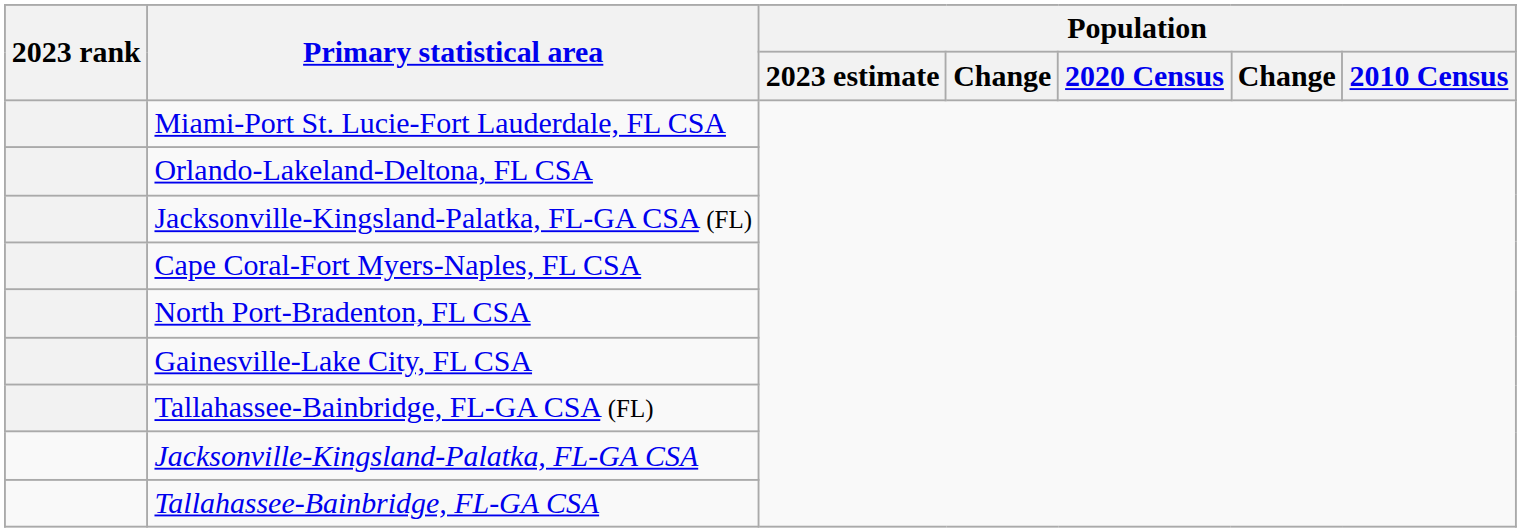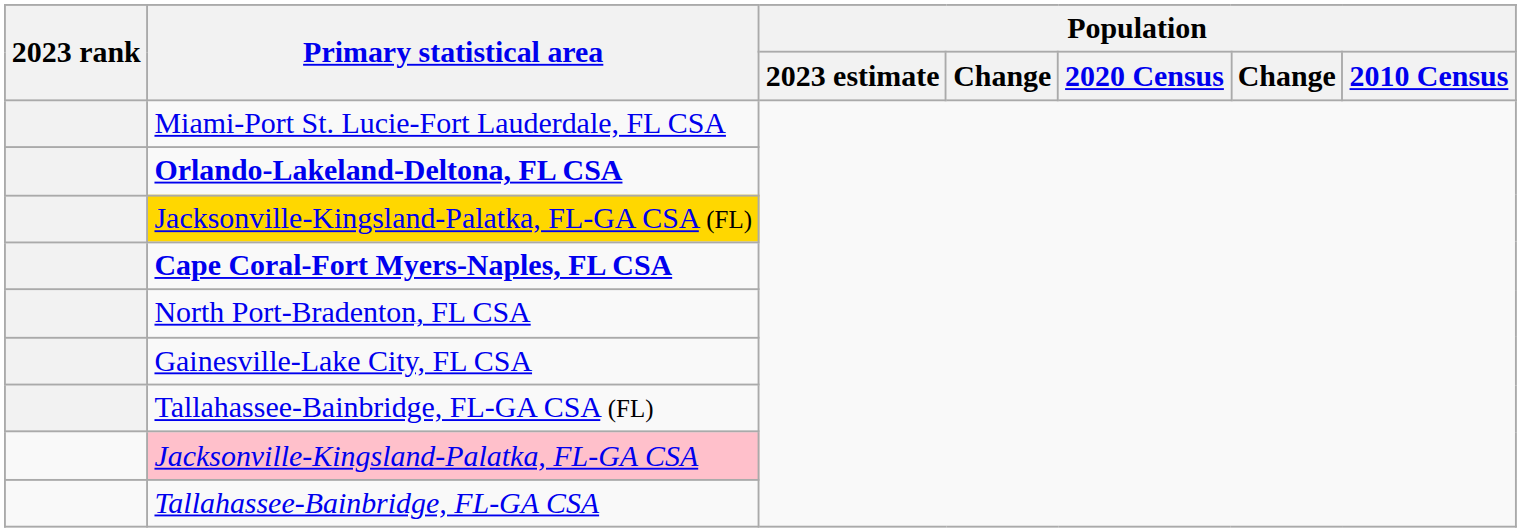 <table class="wikitable sortable">
 <tr>
 <th scope=col rowspan=2>2023 rank</th>
 <th scope=col rowspan=2><a href='#'>Primary statistical area</a></th>
 <th colspan=5>Population</th>
 </tr>
 <tr>
 <th scope=col>2023 estimate</th>
 <th scope=col>Change</th>
 <th scope=col><a href='#'>2020 Census</a></th>
 <th scope=col>Change</th>
 <th scope=col><a href='#'>2010 Census</a></th>
 </tr>
 <tr>
 <th scope=row></th>
 <td><a href='#'>Miami-Port St. Lucie-Fort Lauderdale, FL CSA</a><br></td>
 </tr>
 <tr>
 <th scope=row></th>
-<td><a href='#'>Orlando-Lakeland-Deltona, FL CSA</a><br></td>
+<td><strong><a href='#'>Orlando-Lakeland-Deltona, FL CSA</a><br></strong></td>
 </tr>
 <tr>
 <th scope=row></th>
-<td><a href='#'>Jacksonville-Kingsland-Palatka, FL-GA CSA</a> <small>(FL)</small><br></td>
+<td style="background: gold;"><a href='#'>Jacksonville-Kingsland-Palatka, FL-GA CSA</a> <small>(FL)</small><br></td>
 </tr>
 <tr>
 <th scope=row></th>
-<td><a href='#'>Cape Coral-Fort Myers-Naples, FL CSA</a><br></td>
+<td><strong><a href='#'>Cape Coral-Fort Myers-Naples, FL CSA</a><br></strong></td>
 </tr>
 <tr>
 <th scope=row></th>
 <td><a href='#'>North Port-Bradenton, FL CSA</a><br></td>
 </tr>
 <tr>
 <th scope=row></th>
 <td><a href='#'>Gainesville-Lake City, FL CSA</a><br></td>
 </tr>
 <tr>
 <th scope=row></th>
 <td><a href='#'>Tallahassee-Bainbridge, FL-GA CSA</a> <small>(FL)</small><br></td>
 </tr>
 <tr>
 <td></td>
-<td><em><a href='#'><span>Jacksonville-Kingsland-Palatka, FL-GA CSA</span></a></em><br></td>
+<td style="background: pink;"><em><a href='#'><span>Jacksonville-Kingsland-Palatka, FL-GA CSA</span></a></em><br></td>
 </tr>
 <tr>
 <td></td>
 <td><em><a href='#'><span>Tallahassee-Bainbridge, FL-GA CSA</span></a></em><br></td>
 </tr>
 </table>
